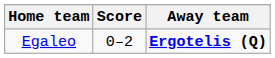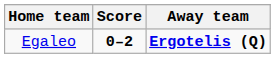 <table class="wikitable" style="text-align: center">
 <tr>
 </tr>
 <tr>
 <th>Home team</th>
 <th>Score</th>
 <th>Away team</th>
 </tr>
 <tr>
 <td><a href='#'>Egaleo</a></td>
-<td>0–2</td>
+<td><strong>0–2</strong></td>
 <td><strong><a href='#'>Ergotelis</a> (Q)</strong></td>
 </tr>
 </table>
